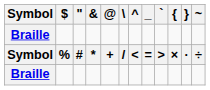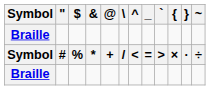 <table class="wikitable" style="text-align:center">
 <tr>
 <th>Symbol</th>
+<th>"</th>
 <th>$</th>
-<th>"</th>
 <th>&</th>
 <th>@</th>
 <th>\</th>
 <th>^</th>
 <th>_</th>
 <th>`</th>
 <th>{</th>
 <th>}</th>
 <th>~</th>
 </tr>
 <tr>
 <th><a href='#'>Braille</a></th>
 <td></td>
 <td></td>
 <td></td>
 <td></td>
 <td></td>
 <td></td>
 <td></td>
 <td></td>
 <td></td>
 <td></td>
 <td></td>
 </tr>
 <tr>
 <th>Symbol</th>
+<th>#</th>
 <th>%</th>
-<th>#</th>
 <th>*</th>
 <th>+</th>
 <th>/</th>
 <th><</th>
 <th>=</th>
 <th>></th>
 <th>×</th>
 <th>·</th>
 <th>÷</th>
 </tr>
 <tr>
 <th><a href='#'>Braille</a></th>
 <td></td>
 <td></td>
 <td></td>
 <td></td>
 <td></td>
 <td></td>
 <td></td>
 <td></td>
 <td></td>
 <td></td>
 <td></td>
 </tr>
 </table>
